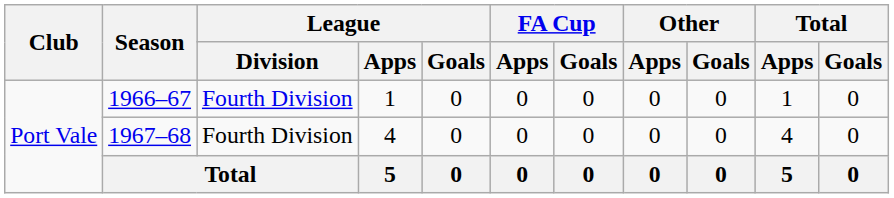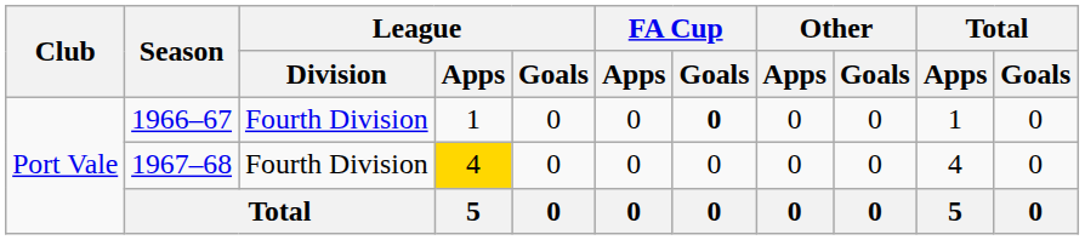 <table class="wikitable" style="text-align:center">
 <tr>
 <th rowspan="2">Club</th>
 <th rowspan="2">Season</th>
 <th colspan="3">League</th>
 <th colspan="2"><a href='#'>FA Cup</a></th>
 <th colspan="2">Other</th>
 <th colspan="2">Total</th>
 </tr>
 <tr>
 <th>Division</th>
 <th>Apps</th>
 <th>Goals</th>
 <th>Apps</th>
 <th>Goals</th>
 <th>Apps</th>
 <th>Goals</th>
 <th>Apps</th>
 <th>Goals</th>
 </tr>
 <tr>
 <td rowspan="3"><a href='#'>Port Vale</a></td>
 <td><a href='#'>1966–67</a></td>
 <td><a href='#'>Fourth Division</a></td>
 <td>1</td>
 <td>0</td>
 <td>0</td>
-<td>0</td>
+<td><strong>0</strong></td>
 <td>0</td>
 <td>0</td>
 <td>1</td>
 <td>0</td>
 </tr>
 <tr>
 <td><a href='#'>1967–68</a></td>
 <td>Fourth Division</td>
-<td>4</td>
+<td style="background: gold;">4</td>
 <td>0</td>
 <td>0</td>
 <td>0</td>
 <td>0</td>
 <td>0</td>
 <td>4</td>
 <td>0</td>
 </tr>
 <tr>
 <th colspan="2">Total</th>
 <th>5</th>
 <th>0</th>
 <th>0</th>
 <th>0</th>
 <th>0</th>
 <th>0</th>
 <th>5</th>
 <th>0</th>
 </tr>
 </table>
